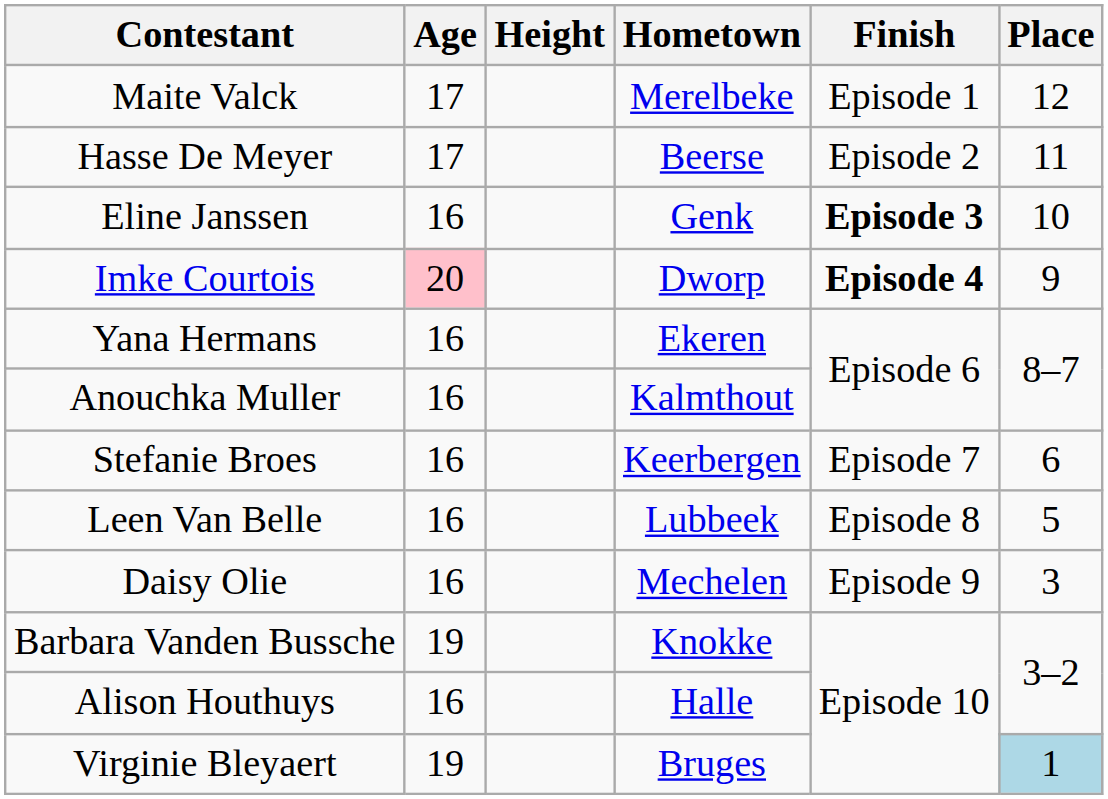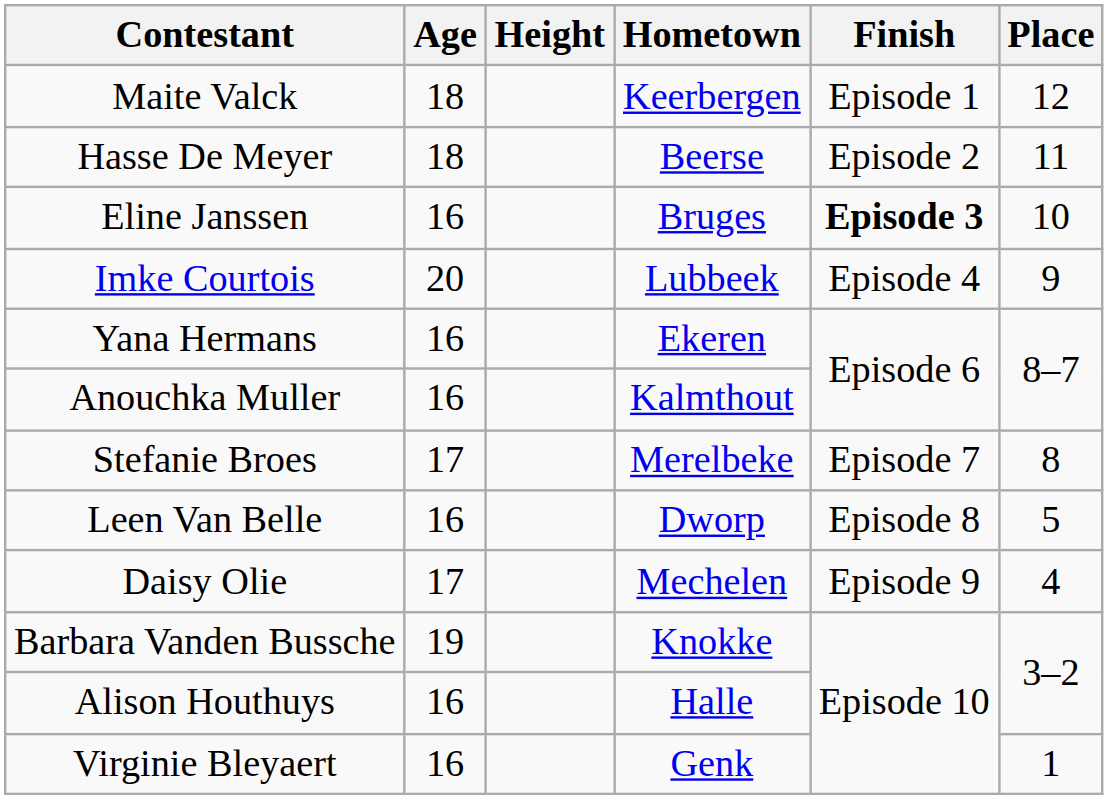 <table class="wikitable sortable" style="text-align:center;">
 <tr>
 <th>Contestant</th>
 <th>Age</th>
 <th>Height</th>
 <th>Hometown</th>
 <th>Finish</th>
 <th>Place</th>
 </tr>
 <tr>
 <td>Maite Valck</td>
-<td>17</td>
+<td>18</td>
 <td></td>
-<td><a href='#'>Merelbeke</a></td>
+<td><a href='#'>Keerbergen</a></td>
 <td>Episode 1</td>
 <td>12</td>
 </tr>
 <tr>
 <td>Hasse De Meyer</td>
-<td>17</td>
+<td>18</td>
 <td></td>
 <td><a href='#'>Beerse</a></td>
 <td>Episode 2</td>
 <td>11</td>
 </tr>
 <tr>
 <td>Eline Janssen</td>
 <td>16</td>
 <td></td>
-<td><a href='#'>Genk</a></td>
+<td><a href='#'>Bruges</a></td>
 <td><strong>Episode 3</strong></td>
 <td>10</td>
 </tr>
 <tr>
 <td><a href='#'>Imke Courtois</a></td>
-<td style="background: pink;">20</td>
+<td>20</td>
 <td></td>
-<td><a href='#'>Dworp</a></td>
-<td><strong>Episode 4</strong></td>
+<td><a href='#'>Lubbeek</a></td>
+<td>Episode 4</td>
 <td>9</td>
 </tr>
 <tr>
 <td>Yana Hermans</td>
 <td>16</td>
 <td></td>
 <td><a href='#'>Ekeren</a></td>
 <td rowspan="2">Episode 6</td>
 <td rowspan="2">8–7</td>
 </tr>
 <tr>
 <td>Anouchka Muller</td>
 <td>16</td>
 <td></td>
 <td><a href='#'>Kalmthout</a></td>
 </tr>
 <tr>
 <td>Stefanie Broes</td>
-<td>16</td>
+<td>17</td>
 <td></td>
-<td><a href='#'>Keerbergen</a></td>
+<td><a href='#'>Merelbeke</a></td>
 <td>Episode 7</td>
-<td>6</td>
+<td>8</td>
 </tr>
 <tr>
 <td>Leen Van Belle</td>
 <td>16</td>
 <td></td>
-<td><a href='#'>Lubbeek</a></td>
+<td><a href='#'>Dworp</a></td>
 <td>Episode 8</td>
 <td>5</td>
 </tr>
 <tr>
 <td>Daisy Olie</td>
-<td>16</td>
+<td>17</td>
 <td></td>
 <td><a href='#'>Mechelen</a></td>
 <td>Episode 9</td>
-<td>3</td>
+<td>4</td>
 </tr>
 <tr>
 <td>Barbara Vanden Bussche</td>
 <td>19</td>
 <td></td>
 <td><a href='#'>Knokke</a></td>
 <td rowspan="3">Episode 10</td>
 <td rowspan="2">3–2</td>
 </tr>
 <tr>
 <td>Alison Houthuys</td>
 <td>16</td>
 <td></td>
 <td><a href='#'>Halle</a></td>
 </tr>
 <tr>
 <td>Virginie Bleyaert</td>
-<td>19</td>
+<td>16</td>
 <td></td>
-<td><a href='#'>Bruges</a></td>
-<td style="background: lightblue;">1</td>
+<td><a href='#'>Genk</a></td>
+<td>1</td>
 </tr>
 </table>
